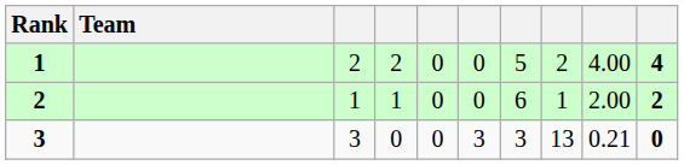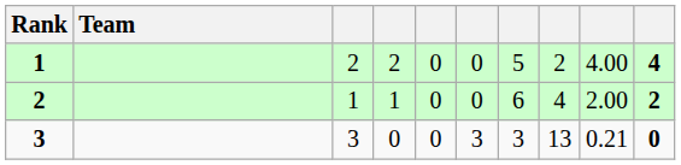 <table class="wikitable" style="text-align: center;">
 <tr>
 <th width=30>Rank</th>
 <th width=165 style="text-align:left;">Team</th>
 <th width=20></th>
 <th width=20></th>
 <th width=20></th>
 <th width=20></th>
 <th width=20></th>
 <th width=20></th>
 <th width=20></th>
 <th width=20></th>
 </tr>
 <tr style="background:#ccffcc;">
 <td><strong>1</strong></td>
 <td style="text-align:left;"></td>
 <td>2</td>
 <td>2</td>
 <td>0</td>
 <td>0</td>
 <td>5</td>
 <td>2</td>
 <td>4.00</td>
 <td><strong>4</strong></td>
 </tr>
 <tr style="background:#ccffcc;">
 <td><strong>2</strong></td>
 <td style="text-align:left;"></td>
 <td>1</td>
 <td>1</td>
 <td>0</td>
 <td>0</td>
 <td>6</td>
-<td>1</td>
+<td>4</td>
 <td>2.00</td>
 <td><strong>2</strong></td>
 </tr>
 <tr>
 <td><strong>3</strong></td>
 <td style="text-align:left;"></td>
 <td>3</td>
 <td>0</td>
 <td>0</td>
 <td>3</td>
 <td>3</td>
 <td>13</td>
 <td>0.21</td>
 <td><strong>0</strong></td>
 </tr>
 </table>
